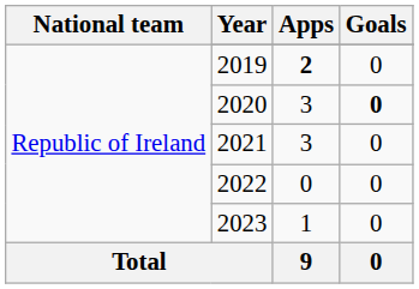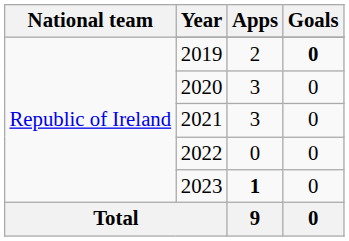 <table class=wikitable style=text-align:center>
 <tr>
 <th>National team</th>
 <th>Year</th>
 <th>Apps</th>
 <th>Goals</th>
 </tr>
 <tr>
 <td rowspan="6"><a href='#'>Republic of Ireland</a></td>
 </tr>
 <tr>
 <td>2019</td>
-<td><strong>2</strong></td>
-<td>0</td>
+<td>2</td>
+<td><strong>0</strong></td>
 </tr>
 <tr>
 <td>2020</td>
 <td>3</td>
-<td><strong>0</strong></td>
+<td>0</td>
 </tr>
 <tr>
 <td>2021</td>
 <td>3</td>
 <td>0</td>
 </tr>
 <tr>
 <td>2022</td>
 <td>0</td>
 <td>0</td>
 </tr>
 <tr>
 <td>2023</td>
-<td>1</td>
+<td><strong>1</strong></td>
 <td>0</td>
 </tr>
 <tr>
 <th colspan="2">Total</th>
 <th>9</th>
 <th>0</th>
 </tr>
 </table>
